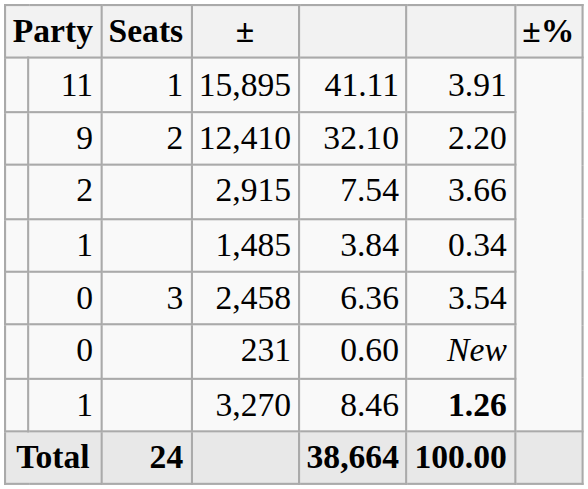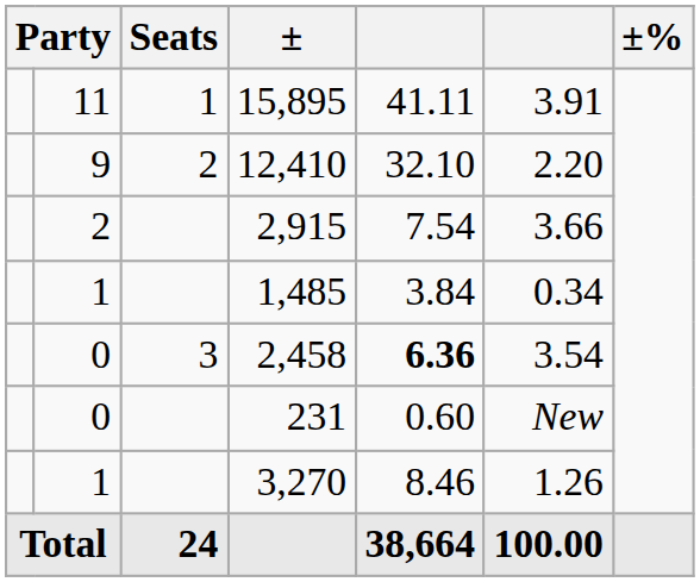 <table class=wikitable>
 <tr>
 <th colspan=2 align=center>Party</th>
 <th>Seats</th>
 <th>±</th>
 <th></th>
 <th></th>
 <th>±%</th>
 </tr>
 <tr>
 <td></td>
 <td align=right>11</td>
 <td align=right>1</td>
 <td align=right>15,895</td>
 <td align=right>41.11</td>
 <td align=right>3.91</td>
 </tr>
 <tr>
 <td></td>
 <td align=right>9</td>
 <td align=right>2</td>
 <td align=right>12,410</td>
 <td align=right>32.10</td>
 <td align=right>2.20</td>
 </tr>
 <tr>
 <td></td>
 <td align=right>2</td>
 <td align=right></td>
 <td align=right>2,915</td>
 <td align=right>7.54</td>
 <td align=right>3.66</td>
 </tr>
 <tr>
 <td></td>
 <td align=right>1</td>
 <td align=right></td>
 <td align=right>1,485</td>
 <td align=right>3.84</td>
 <td align=right>0.34</td>
 </tr>
 <tr>
 <td></td>
 <td align=right>0</td>
 <td align=right>3</td>
 <td align=right>2,458</td>
-<td align=right>6.36</td>
+<td align=right><strong>6.36</strong></td>
 <td align=right>3.54</td>
 </tr>
 <tr>
 <td></td>
 <td align=right>0</td>
 <td align=right></td>
 <td align=right>231</td>
 <td align=right>0.60</td>
 <td align=right><em>New</em></td>
 </tr>
 <tr>
 <td></td>
 <td align=right>1</td>
 <td align=right></td>
 <td align=right>3,270</td>
 <td align=right>8.46</td>
-<td align=right><strong>1.26</strong></td>
+<td align=right>1.26</td>
 </tr>
 <tr style="font-weight:bold; background:rgb(232,232,232);">
 <td colspan=2 align=center>Total</td>
 <td align=right>24</td>
 <td align=center></td>
 <td align=right>38,664</td>
 <td align=center>100.00</td>
 <td align=center></td>
 </tr>
 </table>
